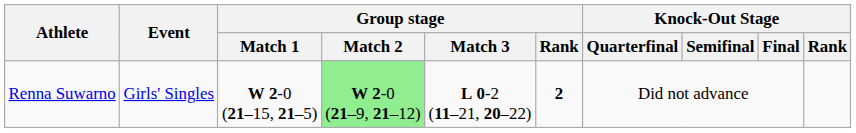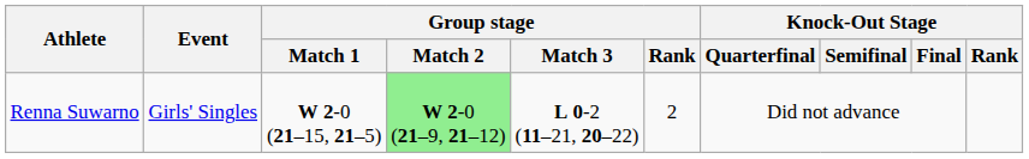 <table class="wikitable" border="1" style="font-size:90%">
 <tr>
 <th rowspan=2>Athlete</th>
 <th rowspan=2>Event</th>
 <th colspan=4>Group stage</th>
 <th colspan=4>Knock-Out Stage</th>
 </tr>
 <tr>
 <th>Match 1</th>
 <th>Match 2</th>
 <th>Match 3</th>
 <th>Rank</th>
 <th>Quarterfinal</th>
 <th>Semifinal</th>
 <th>Final</th>
 <th>Rank</th>
 </tr>
 <tr>
 <td><a href='#'>Renna Suwarno</a></td>
 <td><a href='#'>Girls' Singles</a></td>
 <td align=center><br><strong>W</strong> <strong>2</strong>-0<br> (<strong>21</strong>–15, <strong>21</strong>–5)</td>
 <td align=center style="background: lightgreen;"><br><strong>W</strong> <strong>2</strong>-0<br> (<strong>21</strong>–9, <strong>21</strong>–12)</td>
 <td align=center><br><strong>L</strong> <strong>0</strong>-2<br> (<strong>11</strong>–21, <strong>20</strong>–22)</td>
-<td align=center><strong>2</strong></td>
+<td align=center>2</td>
 <td colspan=3 align=center>Did not advance</td>
 <td align=center></td>
 </tr>
 </table>
